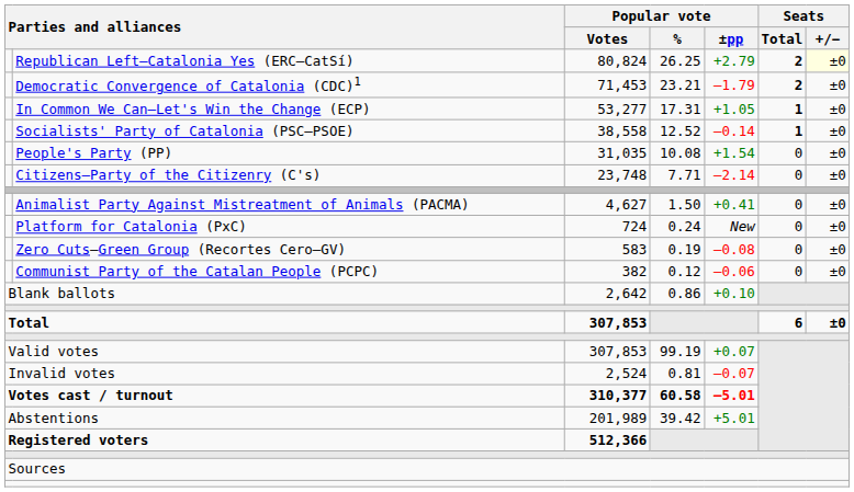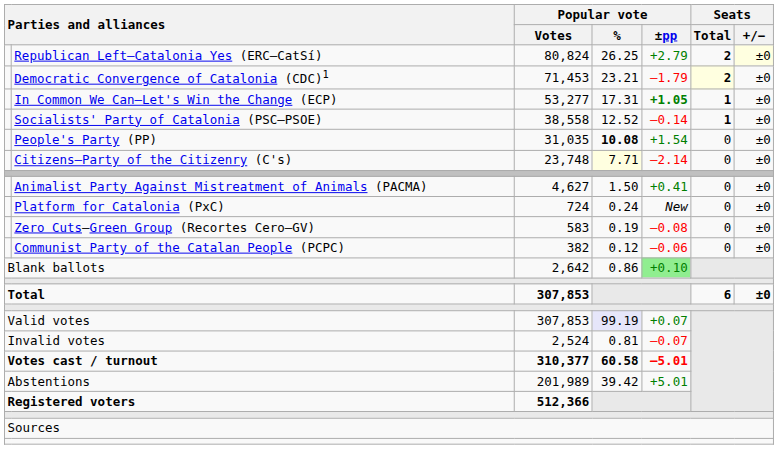 <table class="wikitable" style="text-align:right;">
 <tr>
 <th style="text-align:left;" rowspan="2" colspan="2" width="525">Parties and alliances</th>
 <th colspan="3">Popular vote</th>
 <th colspan="2">Seats</th>
 </tr>
 <tr>
 <th width="75">Votes</th>
 <th width="45">%</th>
 <th width="45">±<a href='#'>pp</a></th>
 <th width="35">Total</th>
 <th width="35">+/−</th>
 </tr>
 <tr>
 <td width="1" style="color:inherit;background:"></td>
 <td align="left"><a href='#'>Republican Left–Catalonia Yes</a> (ERC–CatSí)</td>
 <td>80,824</td>
 <td>26.25</td>
 <td style="color:green;">+2.79</td>
 <td><strong>2</strong></td>
 <td style="background: lightyellow;">±0</td>
 </tr>
 <tr>
 <td style="color:inherit;background:"></td>
 <td align="left"><a href='#'>Democratic Convergence of Catalonia</a> (CDC)<sup>1</sup></td>
 <td>71,453</td>
 <td>23.21</td>
 <td style="color:red;">–1.79</td>
-<td><strong>2</strong></td>
+<td style="background: lightyellow;"><strong>2</strong></td>
 <td>±0</td>
 </tr>
 <tr>
 <td style="color:inherit;background:"></td>
 <td align="left"><a href='#'>In Common We Can–Let's Win the Change</a> (ECP)</td>
 <td>53,277</td>
 <td>17.31</td>
-<td style="color:green;">+1.05</td>
+<td style="color:green;"><strong>+1.05</strong></td>
 <td><strong>1</strong></td>
 <td>±0</td>
 </tr>
 <tr>
 <td style="color:inherit;background:"></td>
 <td align="left"><a href='#'>Socialists' Party of Catalonia</a> (PSC–PSOE)</td>
 <td>38,558</td>
 <td>12.52</td>
 <td style="color:red;">–0.14</td>
 <td><strong>1</strong></td>
 <td>±0</td>
 </tr>
 <tr>
 <td style="color:inherit;background:"></td>
 <td align="left"><a href='#'>People's Party</a> (PP)</td>
 <td>31,035</td>
-<td>10.08</td>
+<td><strong>10.08</strong></td>
 <td style="color:green;">+1.54</td>
 <td>0</td>
 <td>±0</td>
 </tr>
 <tr>
 <td style="color:inherit;background:"></td>
 <td align="left"><a href='#'>Citizens–Party of the Citizenry</a> (C's)</td>
 <td>23,748</td>
-<td>7.71</td>
+<td style="background: lightyellow;">7.71</td>
 <td style="color:red;">–2.14</td>
 <td>0</td>
 <td>±0</td>
 </tr>
 <tr>
 <td colspan="7" bgcolor="#C0C0C0"></td>
 </tr>
 <tr>
 <td style="color:inherit;background:"></td>
 <td align="left"><a href='#'>Animalist Party Against Mistreatment of Animals</a> (PACMA)</td>
 <td>4,627</td>
 <td>1.50</td>
 <td style="color:green;">+0.41</td>
 <td>0</td>
 <td>±0</td>
 </tr>
 <tr>
 <td style="color:inherit;background:"></td>
 <td align="left"><a href='#'>Platform for Catalonia</a> (PxC)</td>
 <td>724</td>
 <td>0.24</td>
 <td><em>New</em></td>
 <td>0</td>
 <td>±0</td>
 </tr>
 <tr>
 <td style="color:inherit;background:"></td>
 <td align="left"><a href='#'>Zero Cuts</a>–<a href='#'>Green Group</a> (Recortes Cero–GV)</td>
 <td>583</td>
 <td>0.19</td>
 <td style="color:red;">–0.08</td>
 <td>0</td>
 <td>±0</td>
 </tr>
 <tr>
 <td style="color:inherit;background:"></td>
 <td align="left"><a href='#'>Communist Party of the Catalan People</a> (PCPC)</td>
 <td>382</td>
 <td>0.12</td>
 <td style="color:red;">–0.06</td>
 <td>0</td>
 <td>±0</td>
 </tr>
 <tr>
 <td align="left" colspan="2">Blank ballots</td>
 <td>2,642</td>
 <td>0.86</td>
-<td style="color:green;">+0.10</td>
+<td style="background: lightgreen; color:green;">+0.10</td>
 <td bgcolor="#E9E9E9" colspan="2"></td>
 </tr>
 <tr>
 <td colspan="7" bgcolor="#E9E9E9"></td>
 </tr>
 <tr style="font-weight:bold;">
 <td align="left" colspan="2">Total</td>
 <td>307,853</td>
 <td bgcolor="#E9E9E9" colspan="2"></td>
 <td>6</td>
 <td>±0</td>
 </tr>
 <tr>
 <td colspan="7" bgcolor="#E9E9E9"></td>
 </tr>
 <tr>
 <td align="left" colspan="2">Valid votes</td>
 <td>307,853</td>
-<td>99.19</td>
+<td style="background: lavender;">99.19</td>
 <td style="color:green;">+0.07</td>
 <td bgcolor="#E9E9E9" colspan="2" rowspan="5"></td>
 </tr>
 <tr>
 <td align="left" colspan="2">Invalid votes</td>
 <td>2,524</td>
 <td>0.81</td>
 <td style="color:red;">–0.07</td>
 </tr>
 <tr style="font-weight:bold;">
 <td align="left" colspan="2">Votes cast / turnout</td>
 <td>310,377</td>
 <td>60.58</td>
 <td style="color:red;">–5.01</td>
 </tr>
 <tr>
 <td align="left" colspan="2">Abstentions</td>
 <td>201,989</td>
 <td>39.42</td>
 <td style="color:green;">+5.01</td>
 </tr>
 <tr style="font-weight:bold;">
 <td align="left" colspan="2">Registered voters</td>
 <td>512,366</td>
 <td bgcolor="#E9E9E9" colspan="2"></td>
 </tr>
 <tr>
 <td colspan="7" bgcolor="#E9E9E9"></td>
 </tr>
 <tr>
 <td align="left" colspan="7">Sources</td>
 </tr>
 <tr>
 <td colspan="7" style="text-align:left; max-width:790px;"></td>
 </tr>
 </table>
